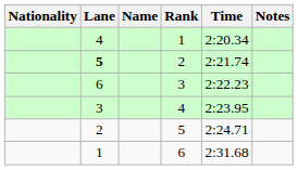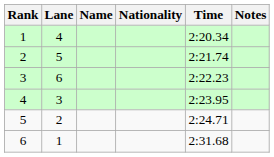 <table class="wikitable sortable" style="text-align:center">
 <tr>
-<th>Nationality</th>
+<th>Rank</th>
 <th>Lane</th>
 <th>Name</th>
-<th>Rank</th>
+<th>Nationality</th>
 <th>Time</th>
 <th>Notes</th>
 </tr>
 <tr bgcolor=ccffcc>
-<td align=left></td>
+<td>1</td>
 <td>4</td>
 <td align=left></td>
-<td>1</td>
+<td align=left></td>
 <td>2:20.34</td>
 <td><strong></strong></td>
 </tr>
 <tr bgcolor=ccffcc>
+<td>2</td>
+<td>5</td>
 <td align=left></td>
-<td><strong>5</strong></td>
 <td align=left></td>
-<td>2</td>
 <td>2:21.74</td>
 <td><strong></strong></td>
 </tr>
 <tr bgcolor=ccffcc>
-<td align=left></td>
+<td>3</td>
 <td>6</td>
 <td align=left></td>
-<td>3</td>
+<td align=left></td>
 <td>2:22.23</td>
 <td><strong></strong></td>
 </tr>
 <tr bgcolor=ccffcc>
-<td align=left></td>
+<td>4</td>
 <td>3</td>
 <td align=left></td>
-<td>4</td>
+<td align=left></td>
 <td>2:23.95</td>
 <td><strong></strong></td>
 </tr>
 <tr>
-<td align=left></td>
+<td>5</td>
 <td>2</td>
 <td align=left></td>
-<td>5</td>
+<td align=left></td>
 <td>2:24.71</td>
 <td></td>
 </tr>
 <tr>
-<td align=left></td>
+<td>6</td>
 <td>1</td>
 <td align=left></td>
-<td>6</td>
+<td align=left></td>
 <td>2:31.68</td>
 <td></td>
 </tr>
 </table>
